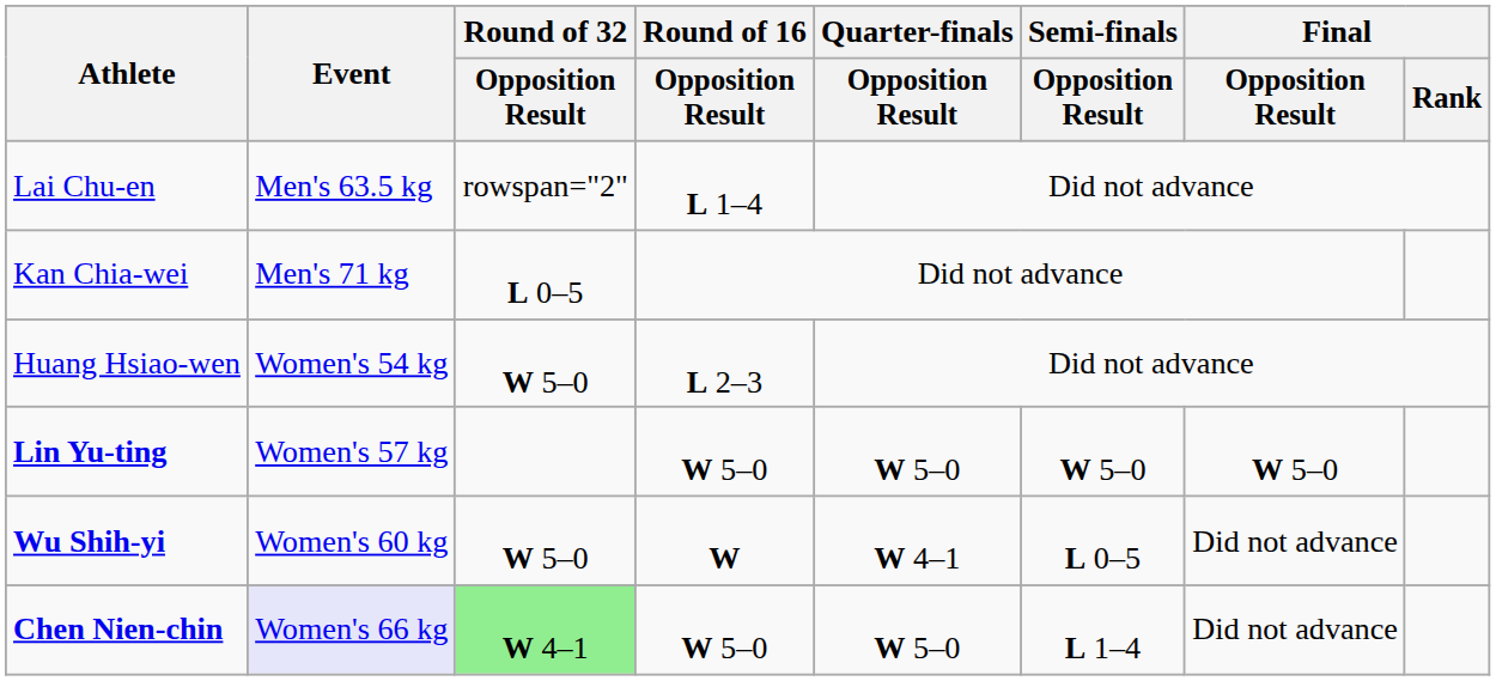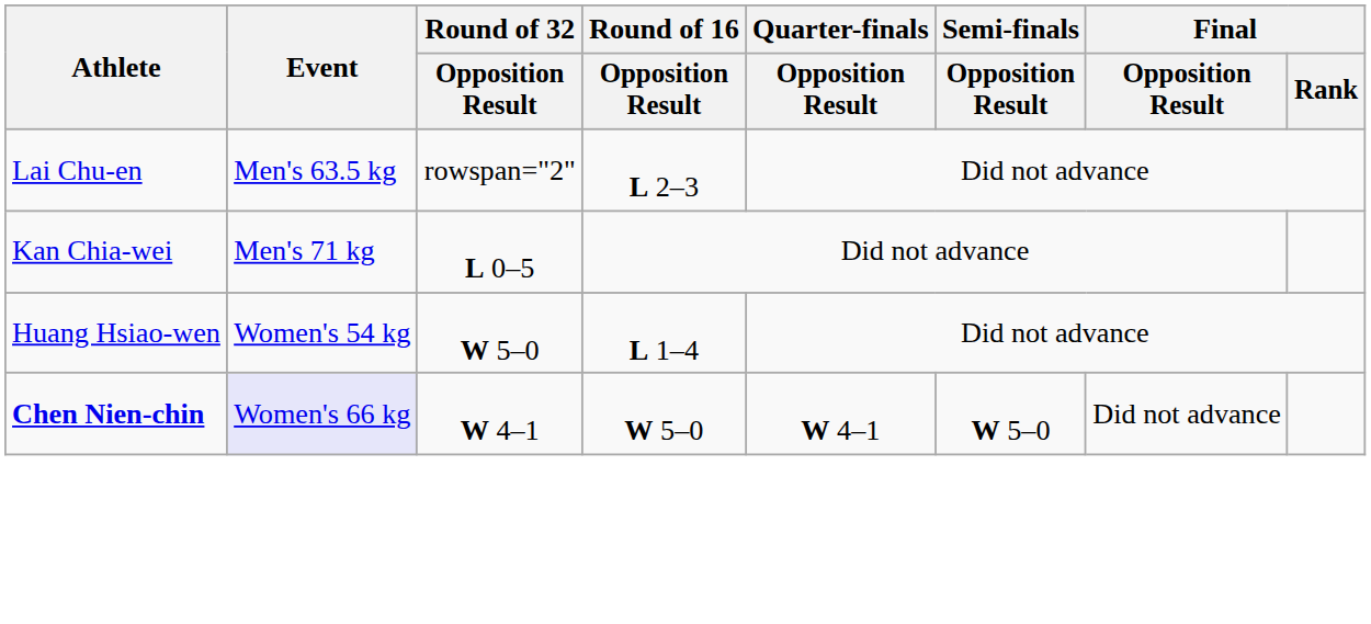 <table class="wikitable" style="font-size:90%; text-align:center">
 <tr>
 <th rowspan="2">Athlete</th>
 <th rowspan="2">Event</th>
 <th>Round of 32</th>
 <th>Round of 16</th>
 <th>Quarter-finals</th>
 <th>Semi-finals</th>
 <th colspan="2">Final</th>
 </tr>
 <tr style="font-size:95%">
 <th>Opposition <br> Result</th>
 <th>Opposition <br> Result</th>
 <th>Opposition <br> Result</th>
 <th>Opposition <br> Result</th>
 <th>Opposition <br> Result</th>
 <th>Rank</th>
 </tr>
 <tr>
 <td align="left"><a href='#'>Lai Chu-en</a></td>
 <td align="left"><a href='#'>Men's 63.5 kg</a></td>
 <td>rowspan="2" </td>
-<td><br><strong>L</strong> 1–4</td>
+<td><br><strong>L</strong> 2–3</td>
 <td colspan="4">Did not advance</td>
 </tr>
 <tr>
 <td align="left"><a href='#'>Kan Chia-wei</a></td>
 <td align="left"><a href='#'>Men's 71 kg</a></td>
 <td><br><strong>L</strong> 0–5</td>
 <td colspan="4">Did not advance</td>
 </tr>
 <tr>
 <td align="left"><a href='#'>Huang Hsiao-wen</a></td>
 <td align="left"><a href='#'>Women's 54 kg</a></td>
 <td><br><strong>W</strong> 5–0</td>
-<td><br><strong>L</strong> 2–3</td>
+<td><br><strong>L</strong> 1–4</td>
 <td colspan="4">Did not advance</td>
-</tr>
-<tr>
-<td align="left"><strong><a href='#'>Lin Yu-ting</a></strong></td>
-<td align="left"><a href='#'>Women's 57 kg</a></td>
-<td></td>
-<td><br><strong>W</strong> 5–0</td>
-<td><br><strong>W</strong> 5–0</td>
-<td><br><strong>W</strong> 5–0</td>
-<td><br><strong>W</strong> 5–0</td>
-<td></td>
-</tr>
-<tr>
-<td align="left"><strong><a href='#'>Wu Shih-yi</a></strong></td>
-<td align="left"><a href='#'>Women's 60 kg</a></td>
-<td><br><strong>W</strong> 5–0</td>
-<td><br><strong>W </strong></td>
-<td><br><strong>W</strong> 4–1</td>
-<td><br><strong>L</strong> 0–5</td>
-<td>Did not advance</td>
-<td></td>
 </tr>
 <tr>
 <td align="left"><strong><a href='#'>Chen Nien-chin</a></strong></td>
 <td align="left" style="background: lavender;"><a href='#'>Women's 66 kg</a></td>
-<td style="background: lightgreen;"><br><strong>W</strong> 4–1</td>
+<td><br><strong>W</strong> 4–1</td>
 <td><br><strong>W</strong> 5–0</td>
-<td><br><strong> W</strong> 5–0</td>
-<td><br><strong>L</strong> 1–4</td>
+<td><br><strong>W</strong> 4–1</td>
+<td><br><strong>W</strong> 5–0</td>
 <td>Did not advance</td>
 <td></td>
 </tr>
 </table>
